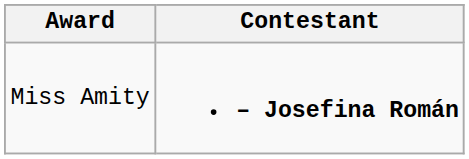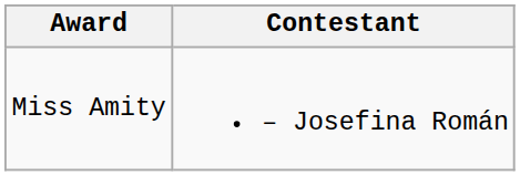 <table class="wikitable sortable" style="font-size: 95%;">
 <tr>
 <th>Award</th>
 <th>Contestant</th>
 </tr>
 <tr>
 <td>Miss Amity</td>
-<td><strong><br><ul><li> – Josefina Román</li></ul></strong></td>
+<td><br><ul><li> – Josefina Román</li></ul></td>
 </tr>
 </table>
